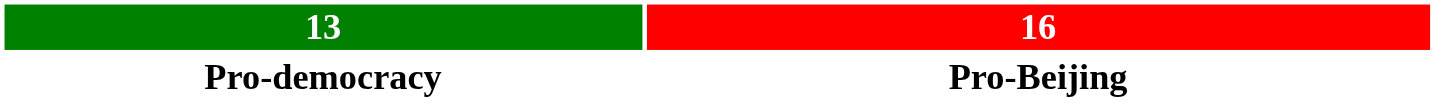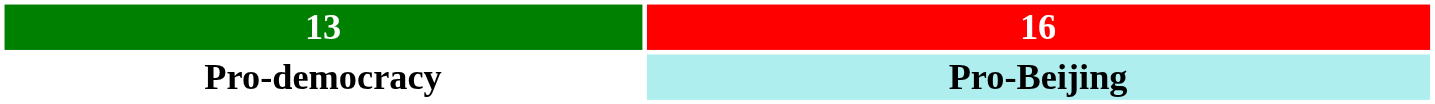 <table style="width:50%; text-align:center;">
 <tr style="color:white;">
 <td style="background:green; width:44.83%;"><strong>13</strong></td>
 <td style="background:red; width:55.17%;"><strong>16</strong></td>
 </tr>
 <tr>
 <td><span><strong>Pro-democracy</strong></span></td>
-<td><span><strong>Pro-Beijing</strong></span></td>
+<td style="background: paleturquoise;"><span><strong>Pro-Beijing</strong></span></td>
 </tr>
 </table>
